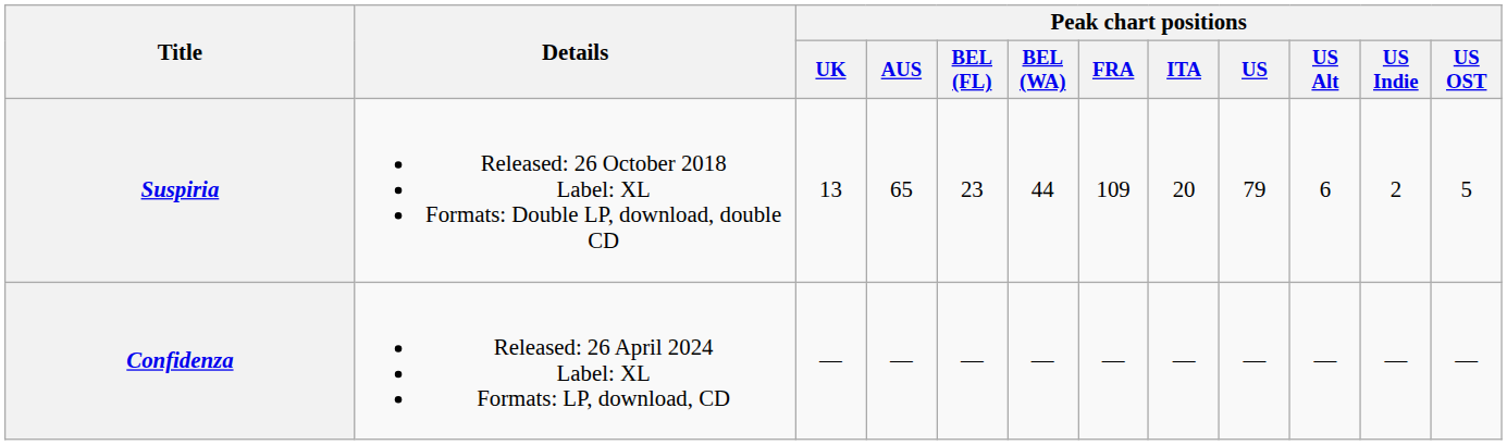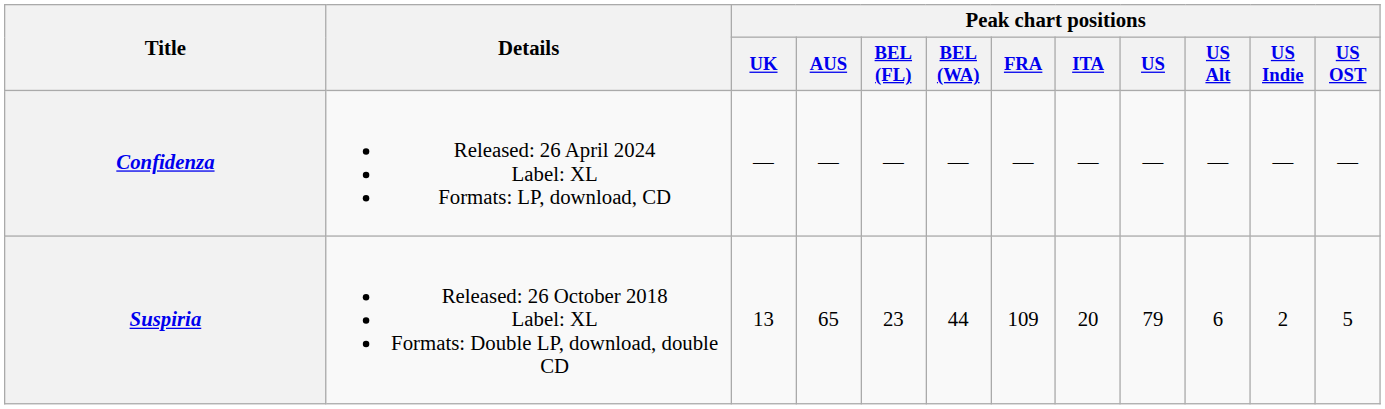 <table class="wikitable plainrowheaders" style="text-align:center;">
 <tr>
 <th scope="col" rowspan="2" style="width:15em;">Title</th>
 <th scope="col" rowspan="2" style="width:19em;">Details</th>
 <th scope="col" colspan="10">Peak chart positions</th>
 </tr>
 <tr>
 <th scope="col" style="width:3em;font-size:90%;"><a href='#'>UK</a><br></th>
 <th scope="col" style="width:3em;font-size:90%;"><a href='#'>AUS</a><br></th>
 <th scope="col" style="width:3em;font-size:90%;"><a href='#'>BEL (FL)</a><br></th>
 <th scope="col" style="width:3em;font-size:90%;"><a href='#'>BEL (WA)</a><br></th>
 <th scope="col" style="width:3em;font-size:90%;"><a href='#'>FRA</a><br></th>
 <th scope="col" style="width:3em;font-size:90%;"><a href='#'>ITA</a><br></th>
 <th scope="col" style="width:3em;font-size:90%;"><a href='#'>US</a><br></th>
 <th scope="col" style="width:3em;font-size:90%;"><a href='#'>US<br>Alt</a><br></th>
 <th scope="col" style="width:3em;font-size:90%;"><a href='#'>US<br>Indie</a><br></th>
 <th scope="col" style="width:3em;font-size:90%;"><a href='#'>US<br>OST</a><br></th>
 </tr>
 <tr>
+<th scope="row"><em><a href='#'>Confidenza</a></em></th>
+<td><br><ul><li>Released: 26 April 2024</li><li>Label: XL</li><li>Formats: LP, download, CD</li></ul></td>
+<td>—</td>
+<td>—</td>
+<td>—</td>
+<td>—</td>
+<td>—</td>
+<td>—</td>
+<td>—</td>
+<td>—</td>
+<td>—</td>
+<td>—</td>
+</tr>
+<tr>
 <th scope="row"><em><a href='#'>Suspiria</a></em></th>
 <td><br><ul><li>Released: 26 October 2018</li><li>Label: XL</li><li>Formats: Double LP, download, double CD</li></ul></td>
 <td>13</td>
 <td>65</td>
 <td>23</td>
 <td>44</td>
 <td>109</td>
 <td>20</td>
 <td>79</td>
 <td>6</td>
 <td>2</td>
 <td>5</td>
 </tr>
-<tr>
-<th scope="row"><em><a href='#'>Confidenza</a></em></th>
-<td><br><ul><li>Released: 26 April 2024</li><li>Label: XL</li><li>Formats: LP, download, CD</li></ul></td>
-<td>—</td>
-<td>—</td>
-<td>—</td>
-<td>—</td>
-<td>—</td>
-<td>—</td>
-<td>—</td>
-<td>—</td>
-<td>—</td>
-<td>—</td>
-</tr>
 </table>
